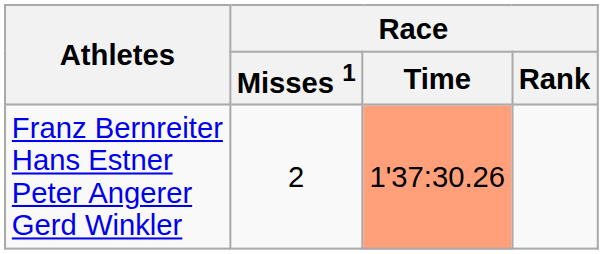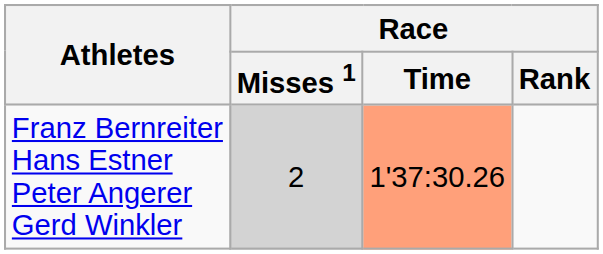 <table class="wikitable" border="1" style="font-size:90%">
 <tr>
 <th rowspan=2>Athletes</th>
 <th colspan=3>Race</th>
 </tr>
 <tr>
 <th>Misses <sup>1</sup></th>
 <th>Time</th>
 <th>Rank</th>
 </tr>
 <tr>
 <td><a href='#'>Franz Bernreiter</a><br><a href='#'>Hans Estner</a><br><a href='#'>Peter Angerer</a><br><a href='#'>Gerd Winkler</a></td>
-<td align=center>2</td>
+<td align=center style="background: lightgrey;">2</td>
 <td align=center style="background: lightsalmon;">1'37:30.26</td>
 <td align=center></td>
 </tr>
 </table>
